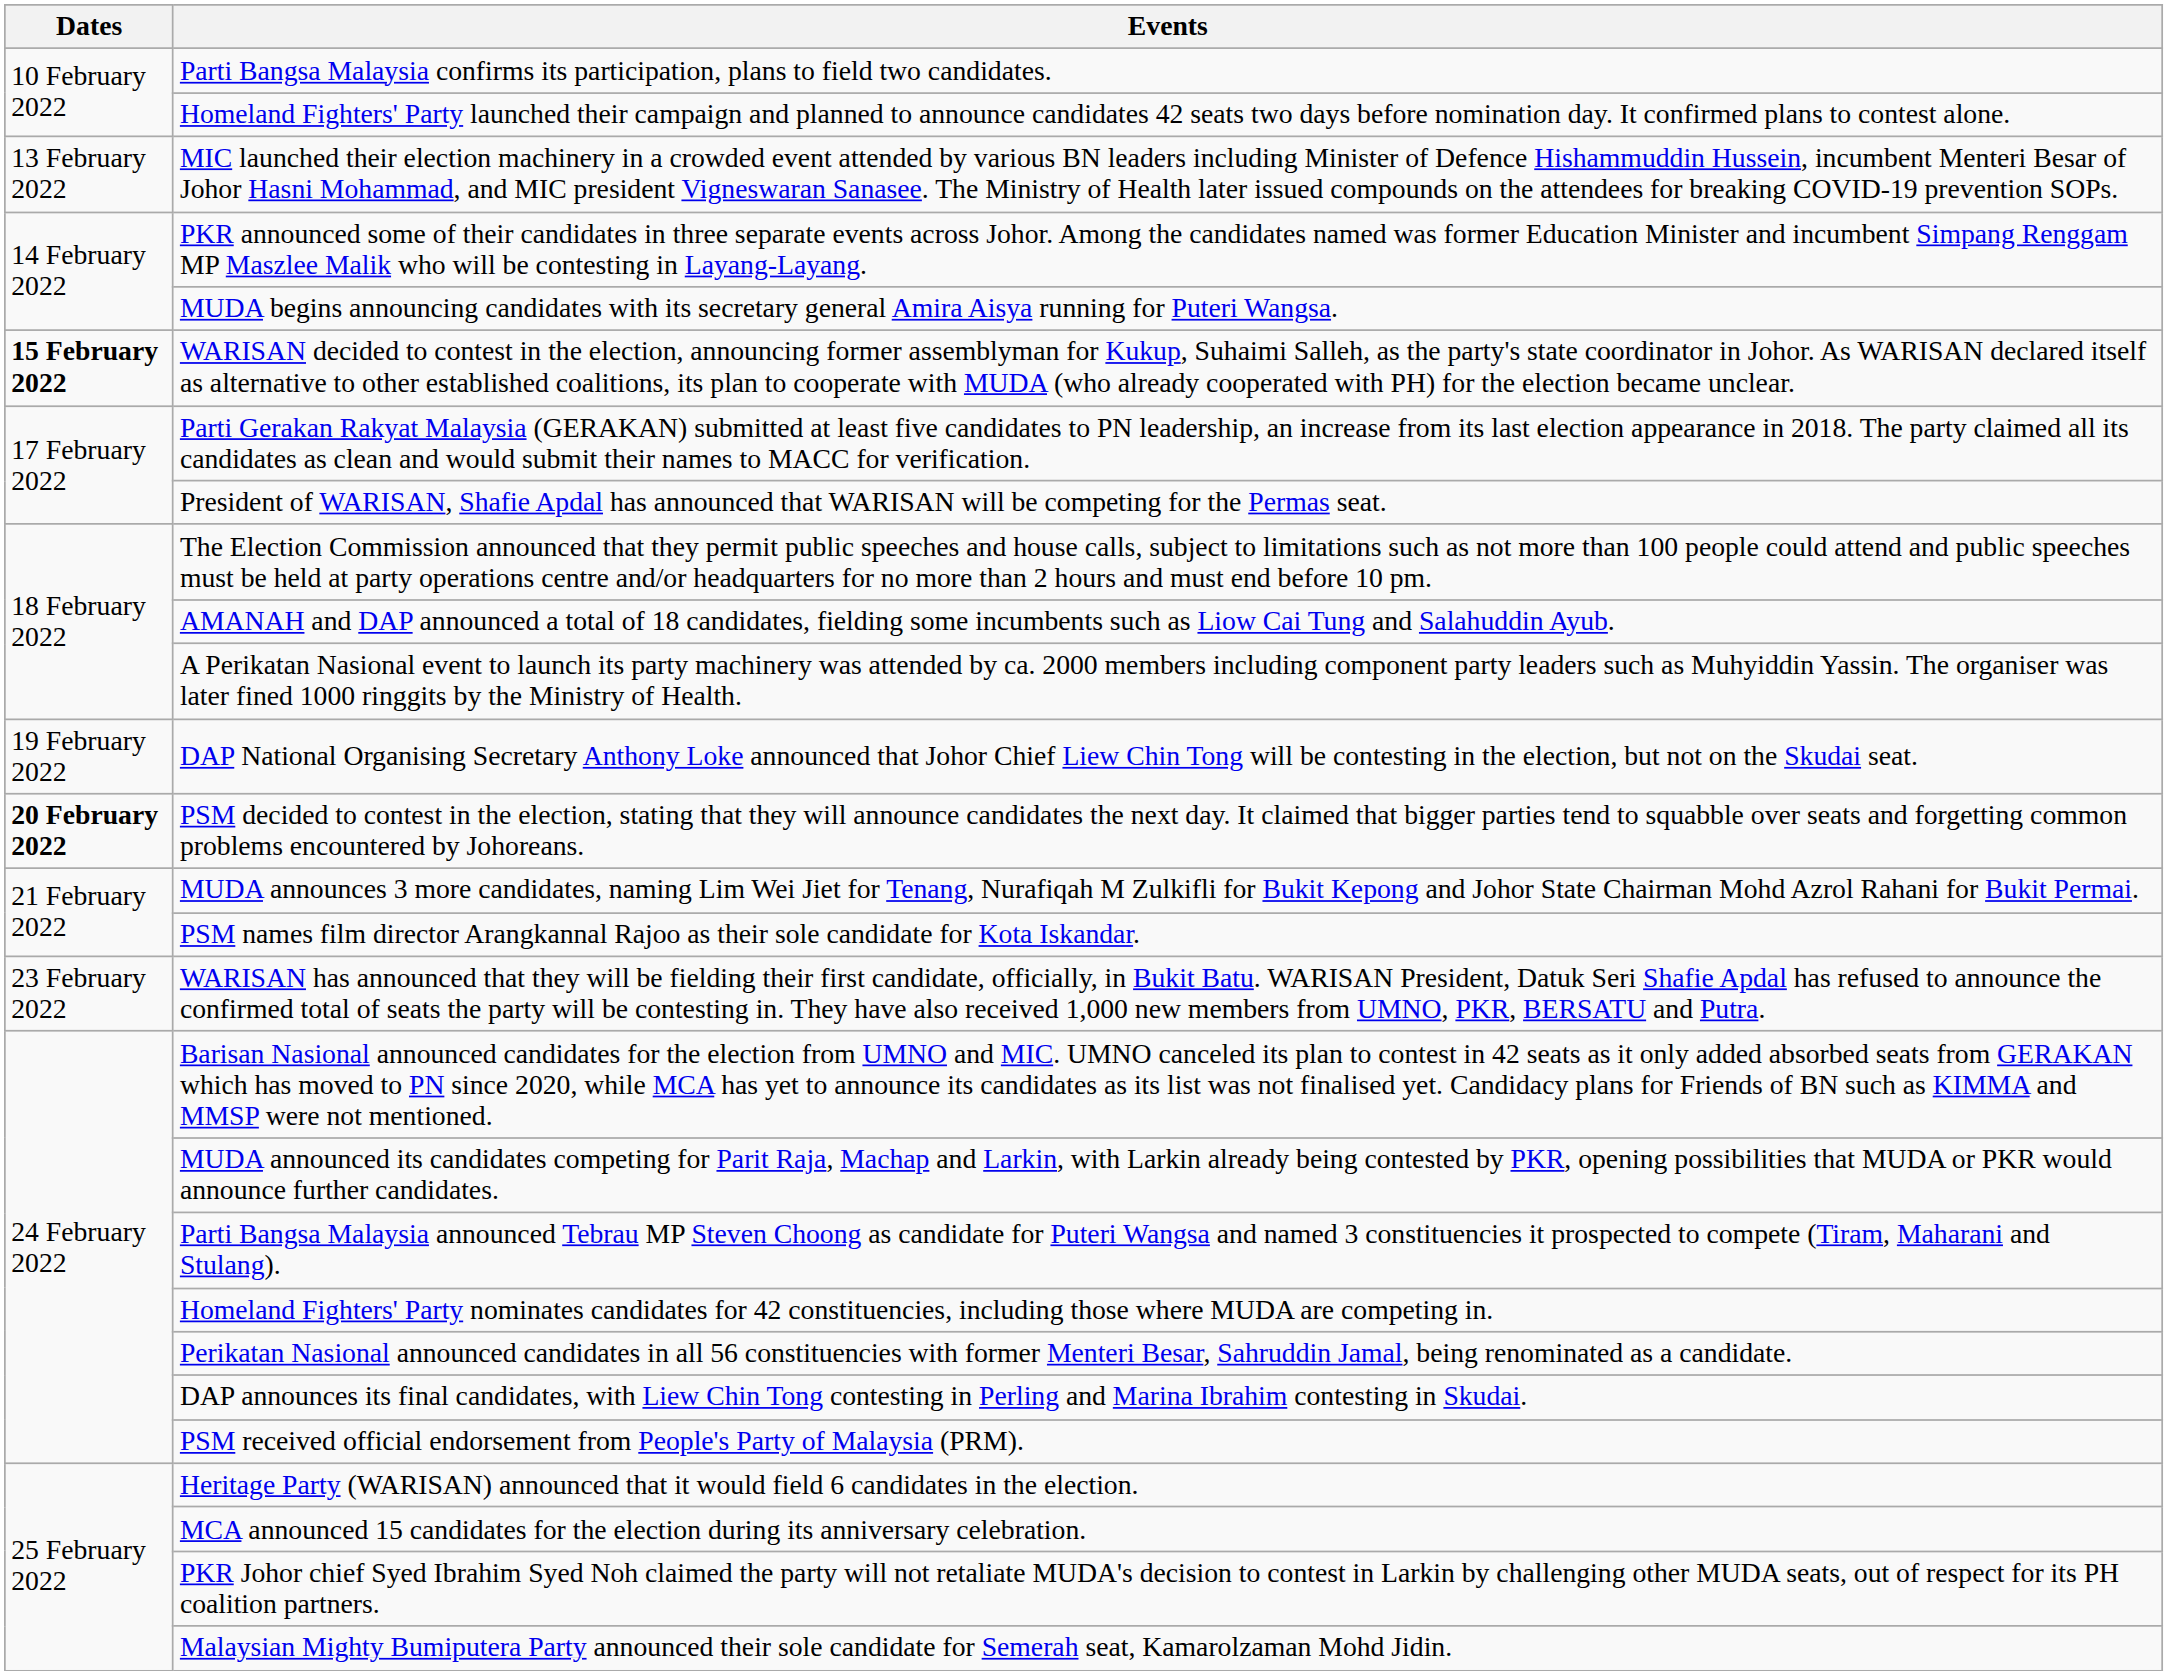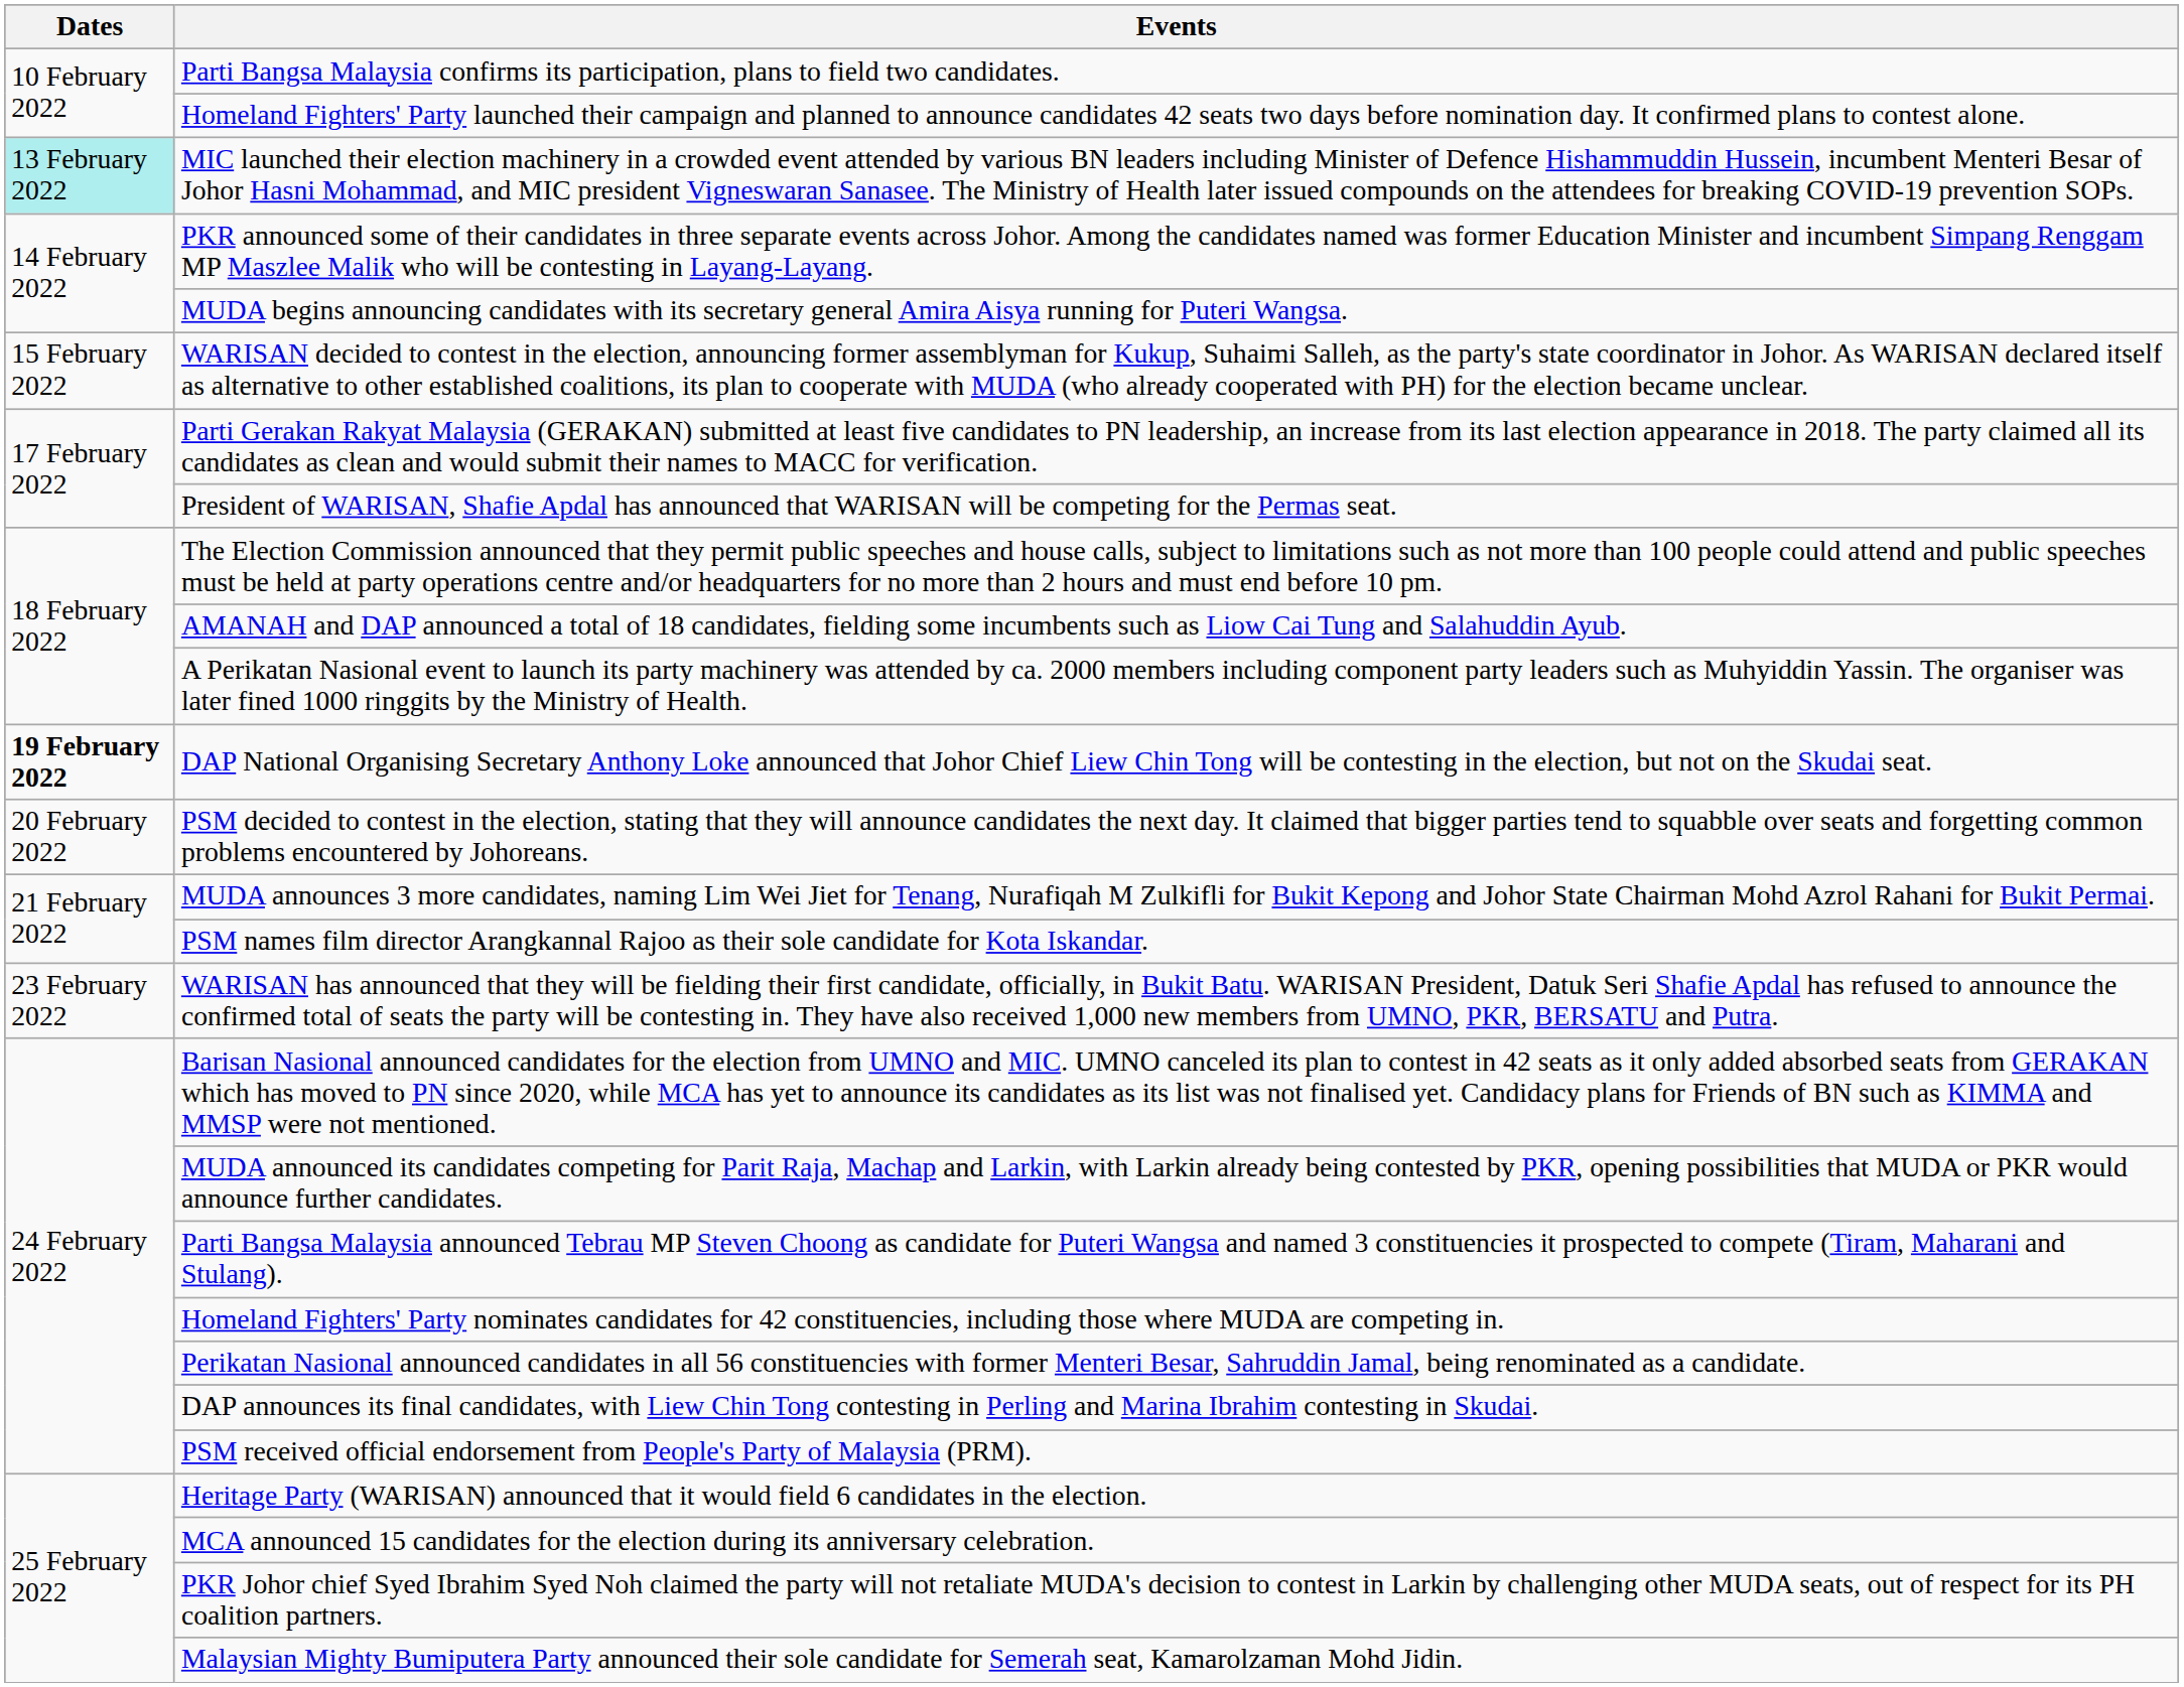 <table class="wikitable">
 <tr>
 <th>Dates</th>
 <th>Events</th>
 </tr>
 <tr>
 <td rowspan="2">10 February 2022</td>
 <td><a href='#'>Parti Bangsa Malaysia</a> confirms its participation, plans to field two candidates.</td>
 </tr>
 <tr>
 <td> <a href='#'>Homeland Fighters' Party</a> launched their campaign and planned to announce candidates 42 seats two days before nomination day. It confirmed plans to contest alone.</td>
 </tr>
 <tr>
-<td>13 February 2022</td>
+<td style="background: paleturquoise;">13 February 2022</td>
 <td> <a href='#'>MIC</a> launched their election machinery in a crowded event attended by various BN leaders including Minister of Defence <a href='#'>Hishammuddin Hussein</a>, incumbent Menteri Besar of Johor <a href='#'>Hasni Mohammad</a>, and MIC president <a href='#'>Vigneswaran Sanasee</a>. The Ministry of Health later issued compounds on the attendees for breaking COVID-19 prevention SOPs.</td>
 </tr>
 <tr>
 <td rowspan="2">14 February 2022</td>
 <td>  <a href='#'>PKR</a> announced some of their candidates in three separate events across Johor. Among the candidates named was former Education Minister and incumbent <a href='#'>Simpang Renggam</a> MP <a href='#'>Maszlee Malik</a> who will be contesting in <a href='#'>Layang-Layang</a>.</td>
 </tr>
 <tr>
 <td> <a href='#'>MUDA</a> begins announcing candidates with its secretary general <a href='#'>Amira Aisya</a> running for <a href='#'>Puteri Wangsa</a>.</td>
 </tr>
 <tr>
-<td><strong>15 February 2022</strong></td>
+<td>15 February 2022</td>
 <td><a href='#'>WARISAN</a> decided to contest in the election, announcing former assemblyman for <a href='#'>Kukup</a>, Suhaimi Salleh, as the party's state coordinator in Johor. As WARISAN declared itself as alternative to other established coalitions, its plan to cooperate with <a href='#'>MUDA</a> (who already cooperated with PH) for the election became unclear.</td>
 </tr>
 <tr>
 <td rowspan="2">17 February 2022</td>
 <td>  <a href='#'>Parti Gerakan Rakyat Malaysia</a> (GERAKAN) submitted at least five candidates to PN leadership, an increase from its last election appearance in 2018. The party claimed all its candidates as clean and would submit their names to MACC for verification.</td>
 </tr>
 <tr>
 <td>President of <a href='#'>WARISAN</a>, <a href='#'>Shafie Apdal</a> has announced that WARISAN will be competing for the <a href='#'>Permas</a> seat.</td>
 </tr>
 <tr>
 <td rowspan="3">18 February 2022</td>
 <td>The Election Commission announced that they permit public speeches and house calls, subject to limitations such as not more than 100 people could attend and public speeches must be held at party operations centre and/or headquarters for no more than 2 hours and must end before 10 pm.</td>
 </tr>
 <tr>
 <td> <a href='#'>AMANAH</a> and <a href='#'>DAP</a> announced a total of 18 candidates, fielding some incumbents such as <a href='#'>Liow Cai Tung</a> and <a href='#'>Salahuddin Ayub</a>.</td>
 </tr>
 <tr>
 <td> A Perikatan Nasional event to launch its party machinery was attended by ca. 2000 members including component party leaders such as Muhyiddin Yassin. The organiser was later fined 1000 ringgits by the Ministry of Health.</td>
 </tr>
 <tr>
-<td>19 February 2022</td>
+<td><strong>19 February 2022</strong></td>
 <td> <a href='#'>DAP</a> National Organising Secretary <a href='#'>Anthony Loke</a> announced that Johor Chief <a href='#'>Liew Chin Tong</a> will be contesting in the election, but not on the <a href='#'>Skudai</a> seat.</td>
 </tr>
 <tr>
-<td><strong>20 February 2022</strong></td>
+<td>20 February 2022</td>
 <td> <a href='#'>PSM</a> decided to contest in the election, stating that they will announce candidates the next day. It claimed that bigger parties tend to squabble over seats and forgetting common problems encountered by Johoreans.</td>
 </tr>
 <tr>
 <td rowspan="2">21 February 2022</td>
 <td> <a href='#'>MUDA</a> announces 3 more candidates, naming Lim Wei Jiet for <a href='#'>Tenang</a>, Nurafiqah M Zulkifli for <a href='#'>Bukit Kepong</a> and Johor State Chairman Mohd Azrol Rahani for <a href='#'>Bukit Permai</a>.</td>
 </tr>
 <tr>
 <td> <a href='#'>PSM</a> names film director Arangkannal Rajoo as their sole candidate for <a href='#'>Kota Iskandar</a>.</td>
 </tr>
 <tr>
 <td>23 February 2022</td>
 <td><a href='#'>WARISAN</a> has announced that they will be fielding their first candidate, officially, in <a href='#'>Bukit Batu</a>. WARISAN President, Datuk Seri <a href='#'>Shafie Apdal</a> has refused to announce the confirmed total of seats the party will be contesting in. They have also received 1,000 new members from <a href='#'>UMNO</a>, <a href='#'>PKR</a>, <a href='#'>BERSATU</a> and <a href='#'>Putra</a>.</td>
 </tr>
 <tr>
 <td rowspan="7">24 February 2022</td>
 <td><a href='#'>Barisan Nasional</a> announced candidates for the election from <a href='#'>UMNO</a> and <a href='#'>MIC</a>. UMNO canceled its plan to contest in 42 seats as it only added absorbed seats from <a href='#'>GERAKAN</a> which has moved to <a href='#'>PN</a> since 2020, while <a href='#'>MCA</a> has yet to announce its candidates as its list was not finalised yet. Candidacy plans for Friends of BN such as <a href='#'>KIMMA</a> and <a href='#'>MMSP</a> were not mentioned.</td>
 </tr>
 <tr>
 <td> <a href='#'>MUDA</a> announced its candidates competing for <a href='#'>Parit Raja</a>, <a href='#'>Machap</a> and <a href='#'>Larkin</a>, with Larkin already being contested by <a href='#'>PKR</a>, opening possibilities that MUDA or PKR would announce further candidates.</td>
 </tr>
 <tr>
 <td><a href='#'>Parti Bangsa Malaysia</a> announced <a href='#'>Tebrau</a> MP <a href='#'>Steven Choong</a> as candidate for <a href='#'>Puteri Wangsa</a> and named 3 constituencies it prospected to compete (<a href='#'>Tiram</a>, <a href='#'>Maharani</a> and <a href='#'>Stulang</a>).</td>
 </tr>
 <tr>
 <td> <a href='#'>Homeland Fighters' Party</a> nominates candidates for 42 constituencies, including those where MUDA are competing in.</td>
 </tr>
 <tr>
 <td> <a href='#'>Perikatan Nasional</a> announced candidates in all 56 constituencies with former <a href='#'>Menteri Besar</a>, <a href='#'>Sahruddin Jamal</a>, being renominated as a candidate.</td>
 </tr>
 <tr>
 <td>   DAP announces its final candidates, with <a href='#'>Liew Chin Tong</a> contesting in <a href='#'>Perling</a> and <a href='#'>Marina Ibrahim</a> contesting in <a href='#'>Skudai</a>.</td>
 </tr>
 <tr>
 <td>  <a href='#'>PSM</a> received official endorsement from <a href='#'>People's Party of Malaysia</a> (PRM).</td>
 </tr>
 <tr>
 <td rowspan="4">25 February 2022</td>
 <td><a href='#'>Heritage Party</a> (WARISAN) announced that it would field 6 candidates in the election.</td>
 </tr>
 <tr>
 <td> <a href='#'>MCA</a> announced 15 candidates for the election during its anniversary celebration.</td>
 </tr>
 <tr>
 <td>  <a href='#'>PKR</a> Johor chief Syed Ibrahim Syed Noh claimed the party will not retaliate MUDA's decision to contest in Larkin by challenging other MUDA seats, out of respect for its PH coalition partners.</td>
 </tr>
 <tr>
 <td> <a href='#'>Malaysian Mighty Bumiputera Party</a> announced their sole candidate for <a href='#'>Semerah</a> seat, Kamarolzaman Mohd Jidin.</td>
 </tr>
 </table>
